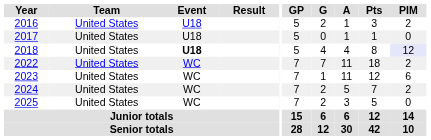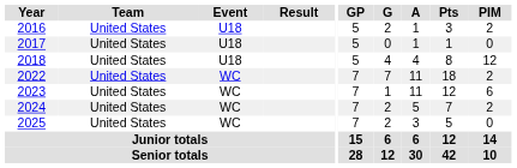 <table border="0" cellpadding="1" cellspacing="0" ID="Table3" style="text-align:center; width:40em">
 <tr ALIGN="center" bgcolor="#e0e0e0">
 <th>Year</th>
 <th>Team</th>
 <th>Event</th>
 <th>Result</th>
 <th rowspan="99" bgcolor="#ffffff"></th>
 <th>GP</th>
 <th>G</th>
 <th>A</th>
 <th>Pts</th>
 <th>PIM</th>
 </tr>
 <tr>
 <td><a href='#'>2016</a></td>
 <td><a href='#'>United States</a></td>
 <td><a href='#'>U18</a></td>
 <td></td>
 <td>5</td>
 <td>2</td>
 <td>1</td>
 <td>3</td>
 <td>2</td>
 </tr>
 <tr bgcolor="#f0f0f0">
 <td><a href='#'>2017</a></td>
 <td>United States</td>
 <td>U18</td>
 <td></td>
 <td>5</td>
 <td>0</td>
 <td>1</td>
 <td>1</td>
 <td>0</td>
 </tr>
 <tr>
 <td><a href='#'>2018</a></td>
 <td>United States</td>
-<td><strong>U18</strong></td>
+<td>U18</td>
 <td></td>
 <td>5</td>
 <td>4</td>
 <td>4</td>
 <td>8</td>
-<td style="background: lavender;">12</td>
+<td>12</td>
 </tr>
 <tr bgcolor="#f0f0f0">
 <td><a href='#'>2022</a></td>
 <td><a href='#'>United States</a></td>
 <td><a href='#'>WC</a></td>
 <td></td>
 <td>7</td>
 <td>7</td>
 <td>11</td>
 <td>18</td>
 <td>2</td>
 </tr>
 <tr>
 <td><a href='#'>2023</a></td>
 <td>United States</td>
 <td>WC</td>
 <td></td>
 <td>7</td>
 <td>1</td>
 <td>11</td>
 <td>12</td>
 <td>6</td>
 </tr>
 <tr bgcolor="#f0f0f0">
 <td><a href='#'>2024</a></td>
 <td>United States</td>
 <td>WC</td>
 <td></td>
 <td>7</td>
 <td>2</td>
 <td>5</td>
 <td>7</td>
 <td>2</td>
 </tr>
 <tr>
 <td><a href='#'>2025</a></td>
 <td>United States</td>
 <td>WC</td>
 <td></td>
 <td>7</td>
 <td>2</td>
 <td>3</td>
 <td>5</td>
 <td>0</td>
 </tr>
 <tr bgcolor="#e0e0e0">
 <th colspan="4">Junior totals</th>
 <th>15</th>
 <th>6</th>
 <th>6</th>
 <th>12</th>
 <th>14</th>
 </tr>
 <tr bgcolor="#e0e0e0">
 <th colspan="4">Senior totals</th>
 <th>28</th>
 <th>12</th>
 <th>30</th>
 <th>42</th>
 <th>10</th>
 </tr>
 </table>
